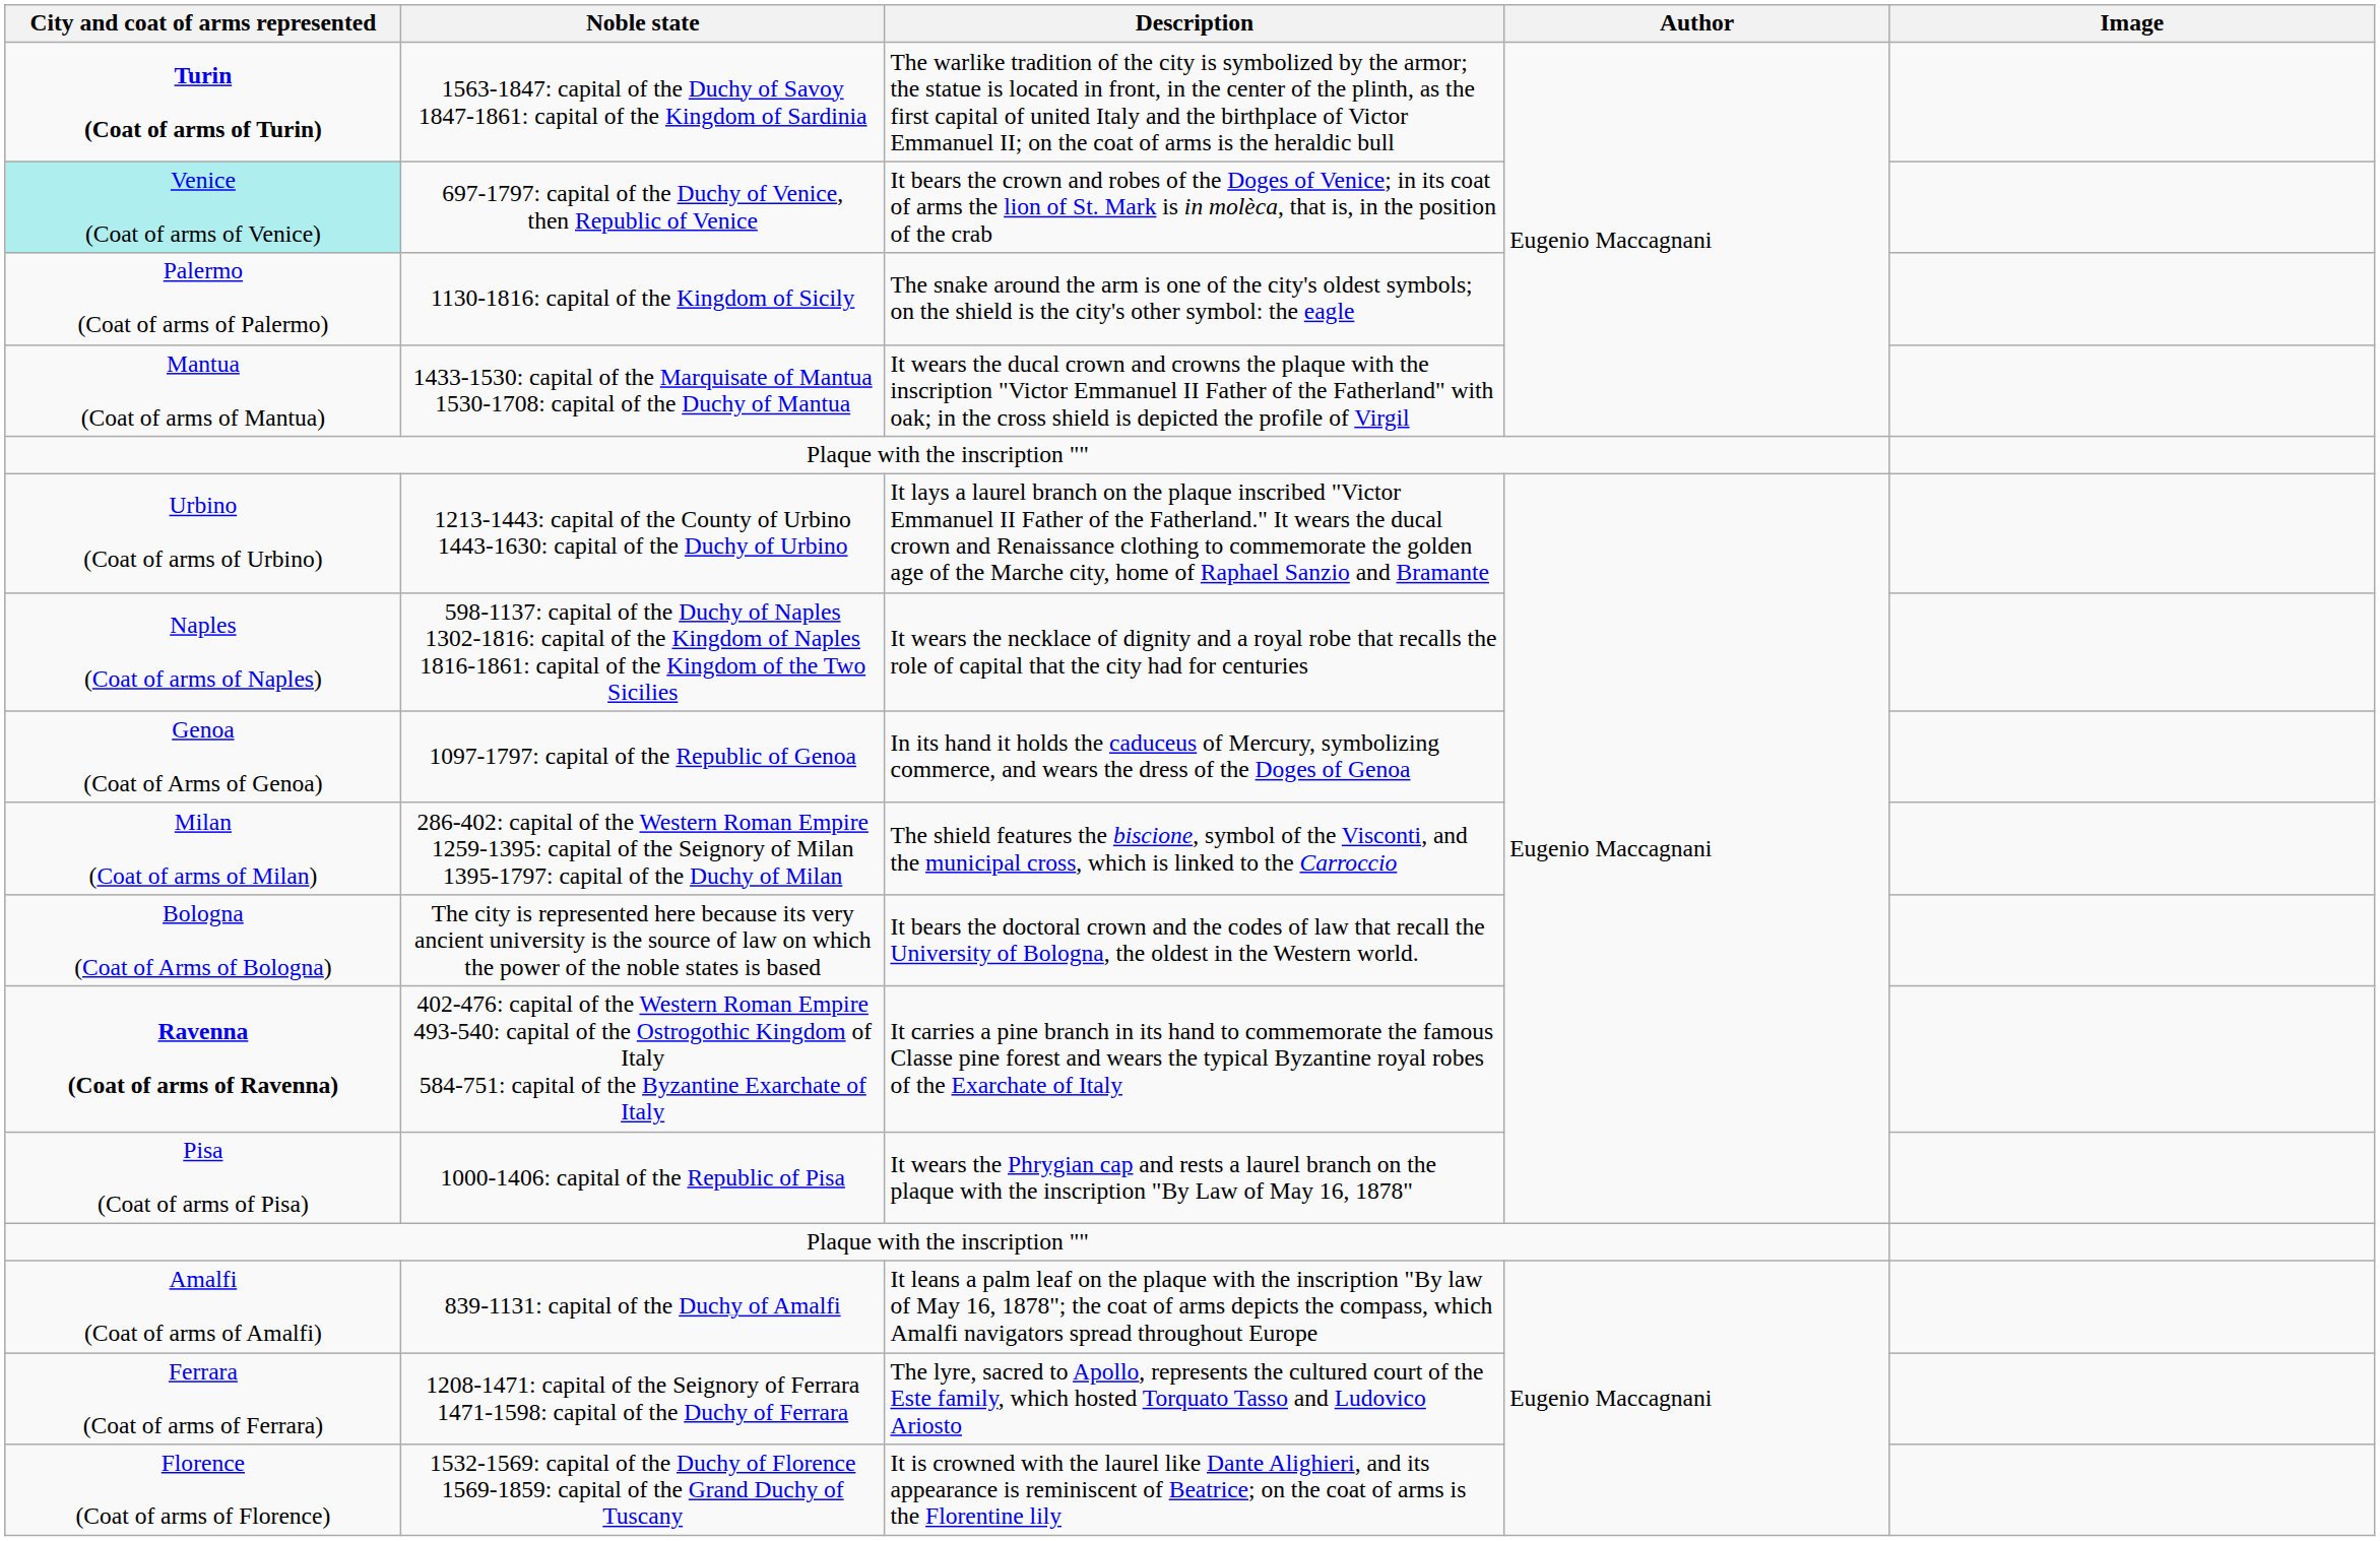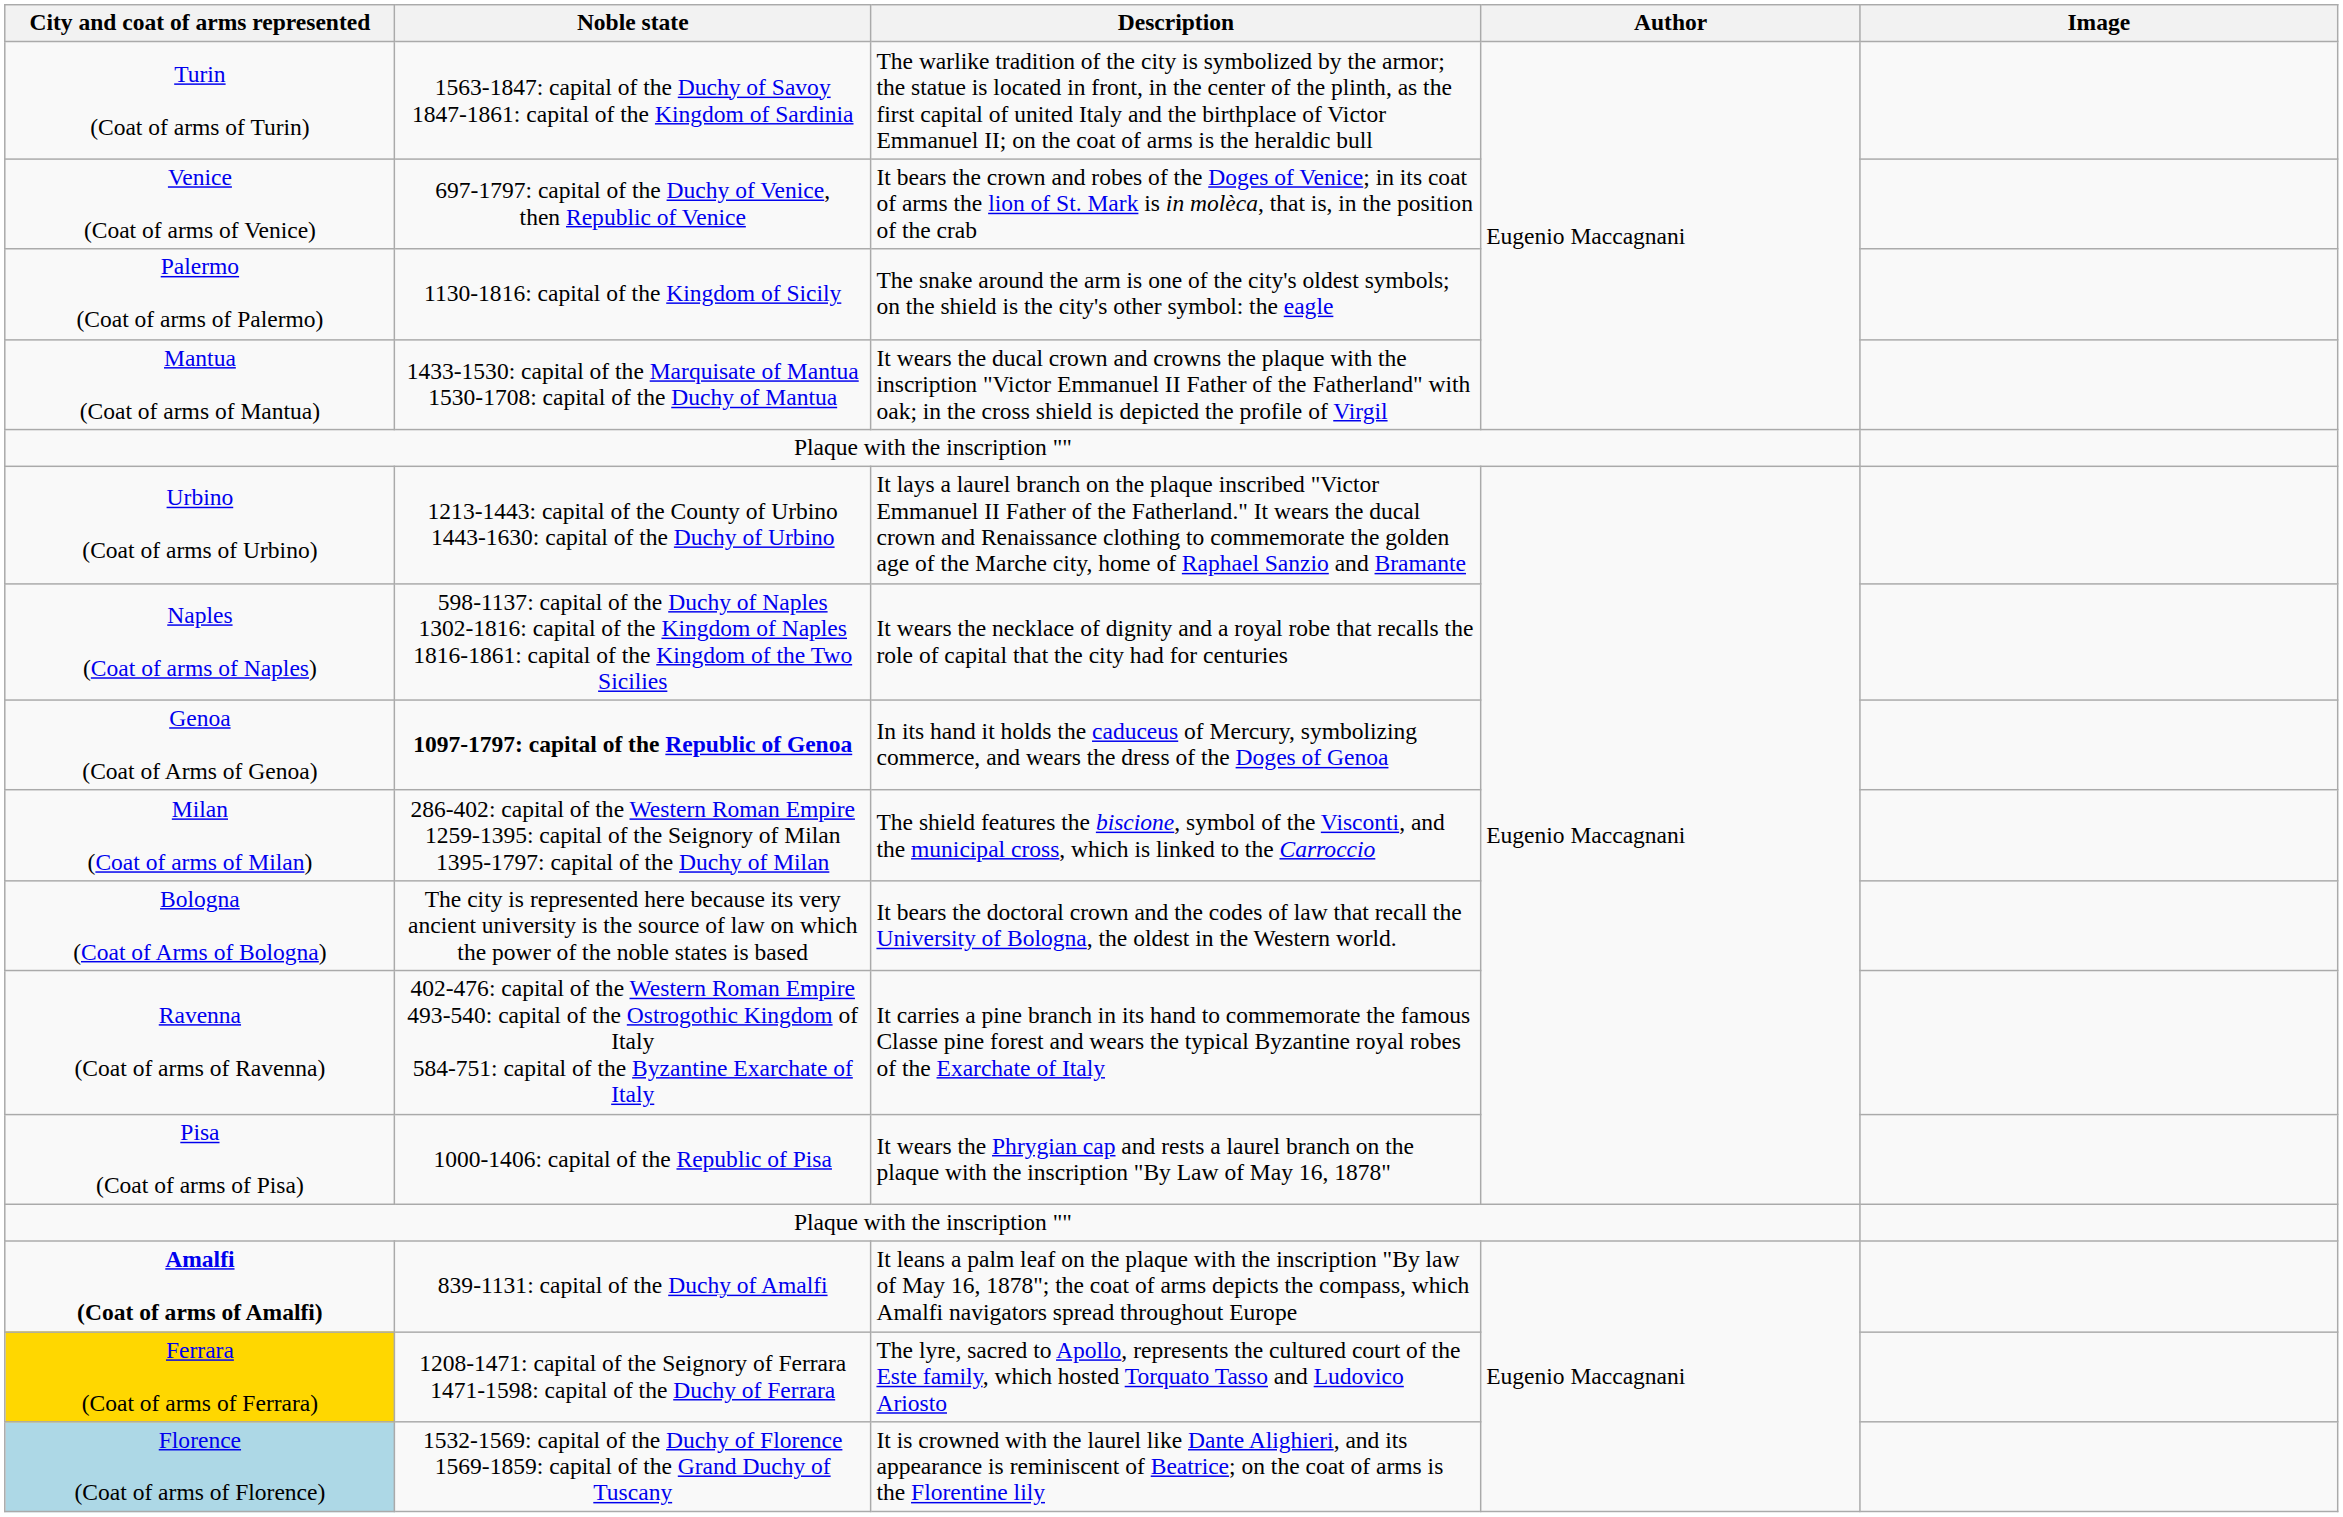 <table class="wikitable" style="text-align: center; width:80%; margin-left:auto; margin-right:auto;">
 <tr>
 <th width=50>City and coat of arms represented</th>
 <th width=100>Noble state</th>
 <th width=130>Description</th>
 <th width=50>Author</th>
 <th width=100>Image</th>
 </tr>
 <tr>
-<td><strong><a href='#'>Turin</a><br><br>(Coat of arms of Turin)</strong></td>
+<td><a href='#'>Turin</a><br><br>(Coat of arms of Turin)</td>
 <td>1563-1847: capital of the <a href='#'>Duchy of Savoy</a><br>1847-1861: capital of the <a href='#'>Kingdom of Sardinia</a></td>
 <td align="left">The warlike tradition of the city is symbolized by the armor; the statue is located in front, in the center of the plinth, as the first capital of united Italy and the birthplace of Victor Emmanuel II; on the coat of arms is the heraldic bull</td>
 <td rowspan="4" align="left">Eugenio Maccagnani</td>
 <td></td>
 </tr>
 <tr>
-<td style="background: paleturquoise;"><a href='#'>Venice</a><br><br>(Coat of arms of Venice)</td>
+<td><a href='#'>Venice</a><br><br>(Coat of arms of Venice)</td>
 <td>697-1797: capital of the <a href='#'>Duchy of Venice</a>,<br>then <a href='#'>Republic of Venice</a></td>
 <td align="left">It bears the crown and robes of the <a href='#'>Doges of Venice</a>; in its coat of arms the <a href='#'>lion of St. Mark</a> is <em>in molèca</em>, that is, in the position of the crab</td>
 <td></td>
 </tr>
 <tr>
 <td><a href='#'>Palermo</a><br><br>(Coat of arms of Palermo)</td>
 <td>1130-1816: capital of the <a href='#'>Kingdom of Sicily</a></td>
 <td align="left">The snake around the arm is one of the city's oldest symbols; on the shield is the city's other symbol: the <a href='#'>eagle</a></td>
 <td></td>
 </tr>
 <tr>
 <td><a href='#'>Mantua</a><br><br>(Coat of arms of Mantua)</td>
 <td>1433-1530: capital of the <a href='#'>Marquisate of Mantua</a><br>1530-1708: capital of the <a href='#'>Duchy of Mantua</a></td>
 <td align="left">It wears the ducal crown and crowns the plaque with the inscription "Victor Emmanuel II Father of the Fatherland" with oak; in the cross shield is depicted the profile of <a href='#'>Virgil</a></td>
 <td></td>
 </tr>
 <tr>
 <td colspan=4 align="center"><span>Plaque with the inscription ""</span></td>
 <td></td>
 </tr>
 <tr>
 <td><a href='#'>Urbino</a><br><br>(Coat of arms of Urbino)</td>
 <td>1213-1443: capital of the County of Urbino<br>1443-1630: capital of the <a href='#'>Duchy of Urbino</a></td>
 <td align="left">It lays a laurel branch on the plaque inscribed "Victor Emmanuel II Father of the Fatherland." It wears the ducal crown and Renaissance clothing to commemorate the golden age of the Marche city, home of <a href='#'>Raphael Sanzio</a> and <a href='#'>Bramante</a></td>
 <td rowspan="7" align="left">Eugenio Maccagnani</td>
 <td></td>
 </tr>
 <tr>
 <td><a href='#'>Naples</a><br><br>(<a href='#'>Coat of arms of Naples</a>)</td>
 <td>598-1137: capital of the <a href='#'>Duchy of Naples</a><br>1302-1816: capital of the <a href='#'>Kingdom of Naples</a><br>1816-1861: capital of the <a href='#'>Kingdom of the Two Sicilies</a></td>
 <td align="left">It wears the necklace of dignity and a royal robe that recalls the role of capital that the city had for centuries</td>
 <td></td>
 </tr>
 <tr>
 <td><a href='#'>Genoa</a><br><br>(Coat of Arms of Genoa)</td>
-<td>1097-1797: capital of the <a href='#'>Republic of Genoa</a></td>
+<td><strong>1097-1797: capital of the <a href='#'>Republic of Genoa</a></strong></td>
 <td align="left">In its hand it holds the <a href='#'>caduceus</a> of Mercury, symbolizing commerce, and wears the dress of the <a href='#'>Doges of Genoa</a></td>
 <td></td>
 </tr>
 <tr>
 <td><a href='#'>Milan</a><br><br>(<a href='#'>Coat of arms of Milan</a>)</td>
 <td>286-402: capital of the <a href='#'>Western Roman Empire</a><br>1259-1395: capital of the Seignory of Milan<br>1395-1797: capital of the <a href='#'>Duchy of Milan</a></td>
 <td align="left">The shield features the <em><a href='#'>biscione</a></em>, symbol of the <a href='#'>Visconti</a>, and the <a href='#'>municipal cross</a>, which is linked to the <em><a href='#'>Carroccio</a></em></td>
 <td></td>
 </tr>
 <tr>
 <td><a href='#'>Bologna</a><br><br>(<a href='#'>Coat of Arms of Bologna</a>)</td>
 <td>The city is represented here because its very ancient university is the source of law on which the power of the noble states is based</td>
 <td align="left">It bears the doctoral crown and the codes of law that recall the <a href='#'>University of Bologna</a>, the oldest in the Western world.</td>
 <td></td>
 </tr>
 <tr>
-<td><strong><a href='#'>Ravenna</a><br><br>(Coat of arms of Ravenna)</strong></td>
+<td><a href='#'>Ravenna</a><br><br>(Coat of arms of Ravenna)</td>
 <td>402-476: capital of the <a href='#'>Western Roman Empire</a><br>493-540: capital of the <a href='#'>Ostrogothic Kingdom</a> of Italy<br>584-751: capital of the <a href='#'>Byzantine Exarchate of Italy</a></td>
 <td align="left">It carries a pine branch in its hand to commemorate the famous Classe pine forest and wears the typical Byzantine royal robes of the <a href='#'>Exarchate of Italy</a></td>
 <td></td>
 </tr>
 <tr>
 <td><a href='#'>Pisa</a><br><br>(Coat of arms of Pisa)</td>
 <td>1000-1406: capital of the <a href='#'>Republic of Pisa</a></td>
 <td align="left">It wears the <a href='#'>Phrygian cap</a> and rests a laurel branch on the plaque with the inscription "By Law of May 16, 1878"</td>
 <td></td>
 </tr>
 <tr>
 <td colspan=4 align="center"><span>Plaque with the inscription "" </span></td>
 <td></td>
 </tr>
 <tr>
-<td><a href='#'>Amalfi</a><br><br>(Coat of arms of Amalfi)</td>
+<td><strong><a href='#'>Amalfi</a><br><br>(Coat of arms of Amalfi)</strong></td>
 <td>839-1131: capital of the <a href='#'>Duchy of Amalfi</a></td>
 <td align="left">It leans a palm leaf on the plaque with the inscription "By law of May 16, 1878"; the coat of arms depicts the compass, which Amalfi navigators spread throughout Europe</td>
 <td rowspan="3" align="left">Eugenio Maccagnani</td>
 <td></td>
 </tr>
 <tr>
-<td><a href='#'>Ferrara</a><br><br>(Coat of arms of Ferrara)</td>
+<td style="background: gold;"><a href='#'>Ferrara</a><br><br>(Coat of arms of Ferrara)</td>
 <td>1208-1471: capital of the Seignory of Ferrara<br>1471-1598: capital of the <a href='#'>Duchy of Ferrara</a></td>
 <td align="left">The lyre, sacred to <a href='#'>Apollo</a>, represents the cultured court of the <a href='#'>Este family</a>, which hosted <a href='#'>Torquato Tasso</a> and <a href='#'>Ludovico Ariosto</a></td>
 <td></td>
 </tr>
 <tr>
-<td><a href='#'>Florence</a><br><br>(Coat of arms of Florence)</td>
+<td style="background: lightblue;"><a href='#'>Florence</a><br><br>(Coat of arms of Florence)</td>
 <td>1532-1569: capital of the <a href='#'>Duchy of Florence</a><br>1569-1859: capital of the <a href='#'>Grand Duchy of Tuscany</a></td>
 <td align="left">It is crowned with the laurel like <a href='#'>Dante Alighieri</a>, and its appearance is reminiscent of <a href='#'>Beatrice</a>; on the coat of arms is the <a href='#'>Florentine lily</a></td>
 <td></td>
 </tr>
 </table>
